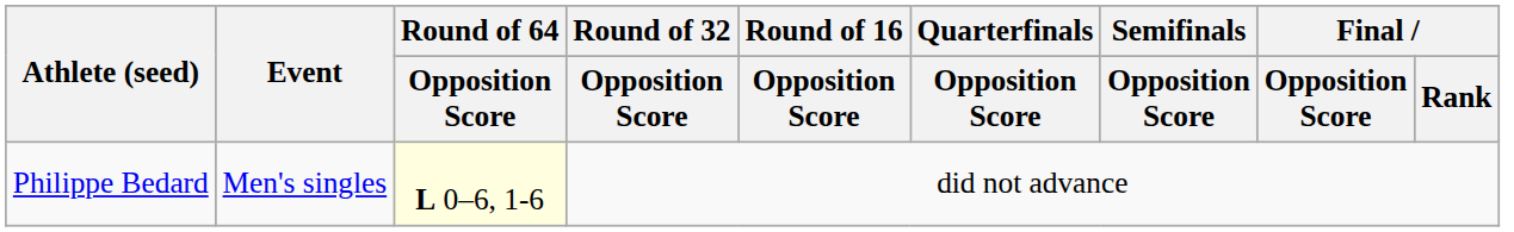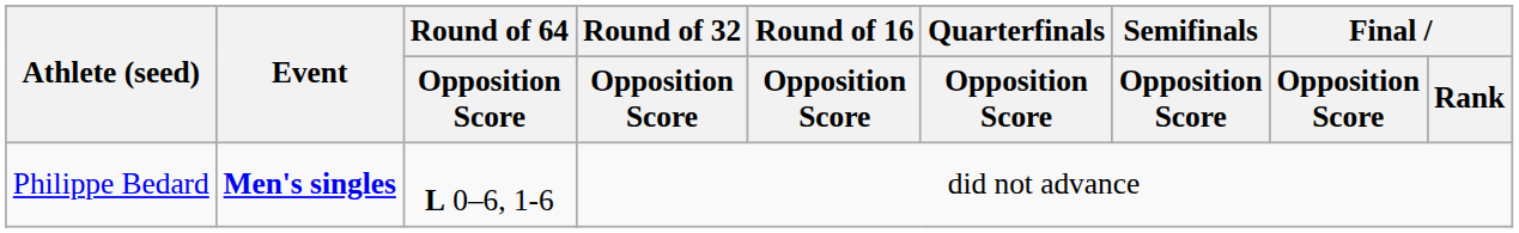 <table class=wikitable style="font-size:90%">
 <tr>
 <th rowspan="2">Athlete (seed)</th>
 <th rowspan="2">Event</th>
 <th>Round of 64</th>
 <th>Round of 32</th>
 <th>Round of 16</th>
 <th>Quarterfinals</th>
 <th>Semifinals</th>
 <th colspan="2">Final / </th>
 </tr>
 <tr>
 <th>Opposition<br>Score</th>
 <th>Opposition<br>Score</th>
 <th>Opposition<br>Score</th>
 <th>Opposition<br>Score</th>
 <th>Opposition<br>Score</th>
 <th>Opposition<br>Score</th>
 <th>Rank</th>
 </tr>
 <tr>
 <td><a href='#'>Philippe Bedard</a></td>
-<td><a href='#'>Men's singles</a></td>
-<td align="center" style="background: lightyellow;"><br><strong>L</strong> 0–6, 1-6</td>
+<td><strong><a href='#'>Men's singles</a></strong></td>
+<td align="center"><br><strong>L</strong> 0–6, 1-6</td>
 <td align="center" colspan="6">did not advance</td>
 </tr>
 </table>
